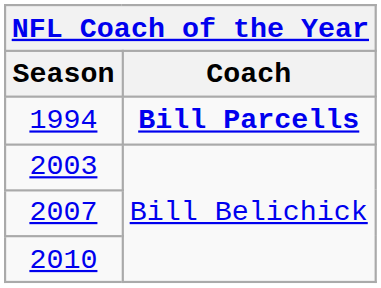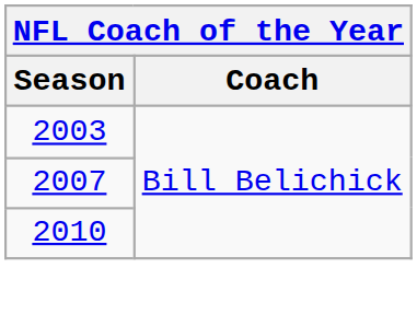 <table class="wikitable sortable" style="text-align:center">
 <tr>
 <th colspan="2"><a href='#'><span><u>NFL Coach of the Year</u></span></a></th>
 </tr>
 <tr>
 <th>Season</th>
 <th>Coach</th>
-</tr>
-<tr>
-<td><a href='#'>1994</a></td>
-<td><strong><a href='#'>Bill Parcells</a></strong></td>
 </tr>
 <tr>
 <td><a href='#'>2003</a></td>
 <td rowspan=3><a href='#'>Bill Belichick</a></td>
 </tr>
 <tr>
 <td><a href='#'>2007</a></td>
 </tr>
 <tr>
 <td><a href='#'>2010</a></td>
 </tr>
 </table>
